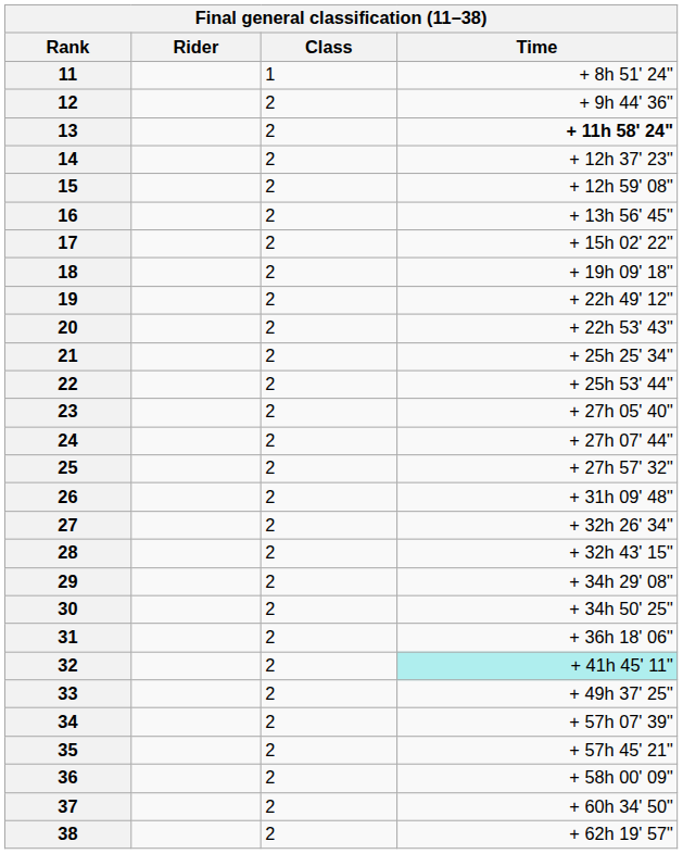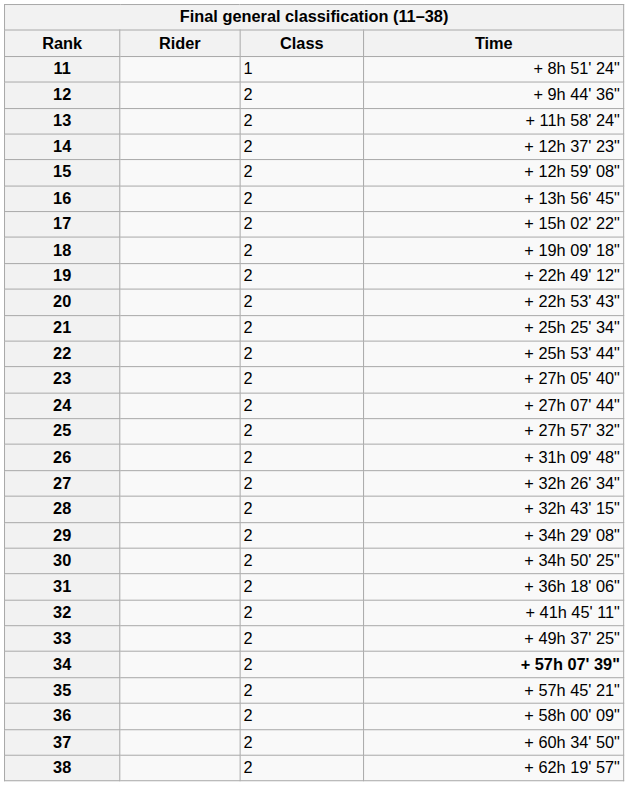 <table class="collapsible collapsed wikitable" style="width:38em;margin-top:-1px;">
 <tr>
 <th scope="col" colspan="4">Final general classification (11–38)</th>
 </tr>
 <tr>
 <th scope="col">Rank</th>
 <th scope="col">Rider</th>
 <th>Class</th>
 <th scope="col">Time</th>
 </tr>
 <tr>
 <th scope="col">11</th>
 <td></td>
 <td>1</td>
 <td style="text-align:right;">+ 8h 51' 24"</td>
 </tr>
 <tr>
 <th scope="col">12</th>
 <td></td>
 <td>2</td>
 <td style="text-align:right;">+ 9h 44' 36"</td>
 </tr>
 <tr>
 <th scope="col">13</th>
 <td></td>
 <td>2</td>
-<td style="text-align:right;"><strong>+ 11h 58' 24"</strong></td>
+<td style="text-align:right;">+ 11h 58' 24"</td>
 </tr>
 <tr>
 <th scope="col">14</th>
 <td></td>
 <td>2</td>
 <td style="text-align:right;">+ 12h 37' 23"</td>
 </tr>
 <tr>
 <th scope="col">15</th>
 <td></td>
 <td>2</td>
 <td style="text-align:right;">+ 12h 59' 08"</td>
 </tr>
 <tr>
 <th scope="col">16</th>
 <td></td>
 <td>2</td>
 <td style="text-align:right;">+ 13h 56' 45"</td>
 </tr>
 <tr>
 <th scope="col">17</th>
 <td></td>
 <td>2</td>
 <td style="text-align:right;">+ 15h 02' 22"</td>
 </tr>
 <tr>
 <th scope="col">18</th>
 <td></td>
 <td>2</td>
 <td style="text-align:right;">+ 19h 09' 18"</td>
 </tr>
 <tr>
 <th scope="col">19</th>
 <td></td>
 <td>2</td>
 <td style="text-align:right;">+ 22h 49' 12"</td>
 </tr>
 <tr>
 <th scope="col">20</th>
 <td></td>
 <td>2</td>
 <td style="text-align:right;">+ 22h 53' 43"</td>
 </tr>
 <tr>
 <th scope="col">21</th>
 <td></td>
 <td>2</td>
 <td style="text-align:right;">+ 25h 25' 34"</td>
 </tr>
 <tr>
 <th scope="col">22</th>
 <td></td>
 <td>2</td>
 <td style="text-align:right;">+ 25h 53' 44"</td>
 </tr>
 <tr>
 <th scope="col">23</th>
 <td></td>
 <td>2</td>
 <td style="text-align:right;">+ 27h 05' 40"</td>
 </tr>
 <tr>
 <th scope="col">24</th>
 <td></td>
 <td>2</td>
 <td style="text-align:right;">+ 27h 07' 44"</td>
 </tr>
 <tr>
 <th scope="col">25</th>
 <td></td>
 <td>2</td>
 <td style="text-align:right;">+ 27h 57' 32"</td>
 </tr>
 <tr>
 <th scope="col">26</th>
 <td></td>
 <td>2</td>
 <td style="text-align:right;">+ 31h 09' 48"</td>
 </tr>
 <tr>
 <th scope="col">27</th>
 <td></td>
 <td>2</td>
 <td style="text-align:right;">+ 32h 26' 34"</td>
 </tr>
 <tr>
 <th scope="col">28</th>
 <td></td>
 <td>2</td>
 <td style="text-align:right;">+ 32h 43' 15"</td>
 </tr>
 <tr>
 <th scope="col">29</th>
 <td></td>
 <td>2</td>
 <td style="text-align:right;">+ 34h 29' 08"</td>
 </tr>
 <tr>
 <th scope="col">30</th>
 <td></td>
 <td>2</td>
 <td style="text-align:right;">+ 34h 50' 25"</td>
 </tr>
 <tr>
 <th scope="col">31</th>
 <td></td>
 <td>2</td>
 <td style="text-align:right;">+ 36h 18' 06"</td>
 </tr>
 <tr>
 <th scope="col">32</th>
 <td></td>
 <td>2</td>
-<td style="background: paleturquoise; text-align:right;">+ 41h 45' 11"</td>
+<td style="text-align:right;">+ 41h 45' 11"</td>
 </tr>
 <tr>
 <th scope="col">33</th>
 <td></td>
 <td>2</td>
 <td style="text-align:right;">+ 49h 37' 25"</td>
 </tr>
 <tr>
 <th scope="col">34</th>
 <td></td>
 <td>2</td>
-<td style="text-align:right;">+ 57h 07' 39"</td>
+<td style="text-align:right;"><strong>+ 57h 07' 39"</strong></td>
 </tr>
 <tr>
 <th scope="col">35</th>
 <td></td>
 <td>2</td>
 <td style="text-align:right;">+ 57h 45' 21"</td>
 </tr>
 <tr>
 <th scope="col">36</th>
 <td></td>
 <td>2</td>
 <td style="text-align:right;">+ 58h 00' 09"</td>
 </tr>
 <tr>
 <th scope="col">37</th>
 <td></td>
 <td>2</td>
 <td style="text-align:right;">+ 60h 34' 50"</td>
 </tr>
 <tr>
 <th scope="col">38</th>
 <td></td>
 <td>2</td>
 <td style="text-align:right;">+ 62h 19' 57"</td>
 </tr>
 </table>
